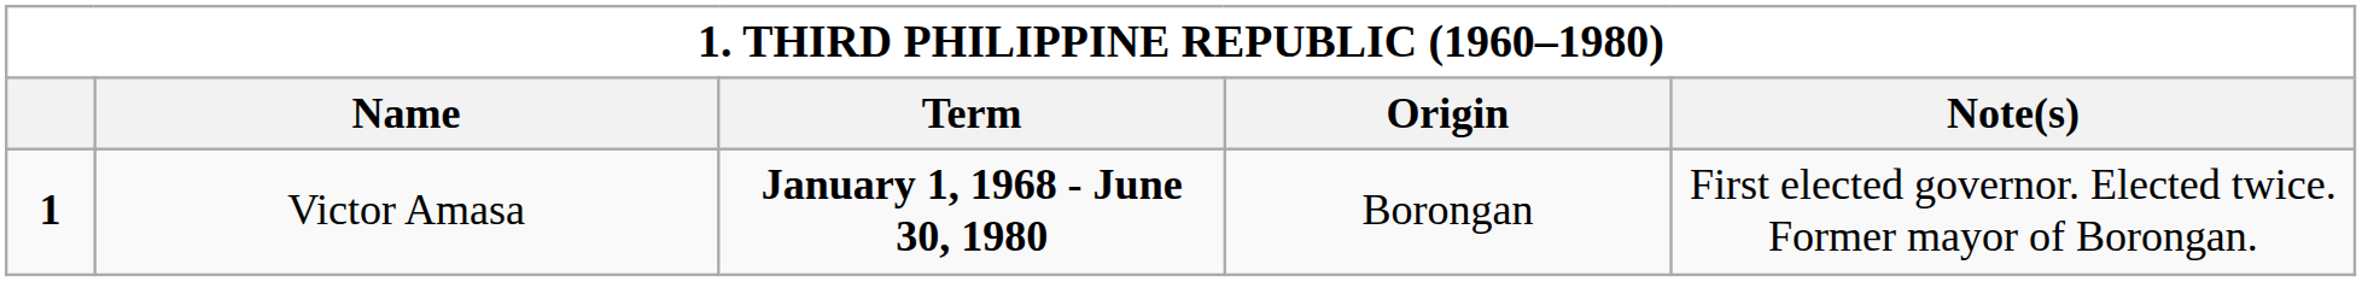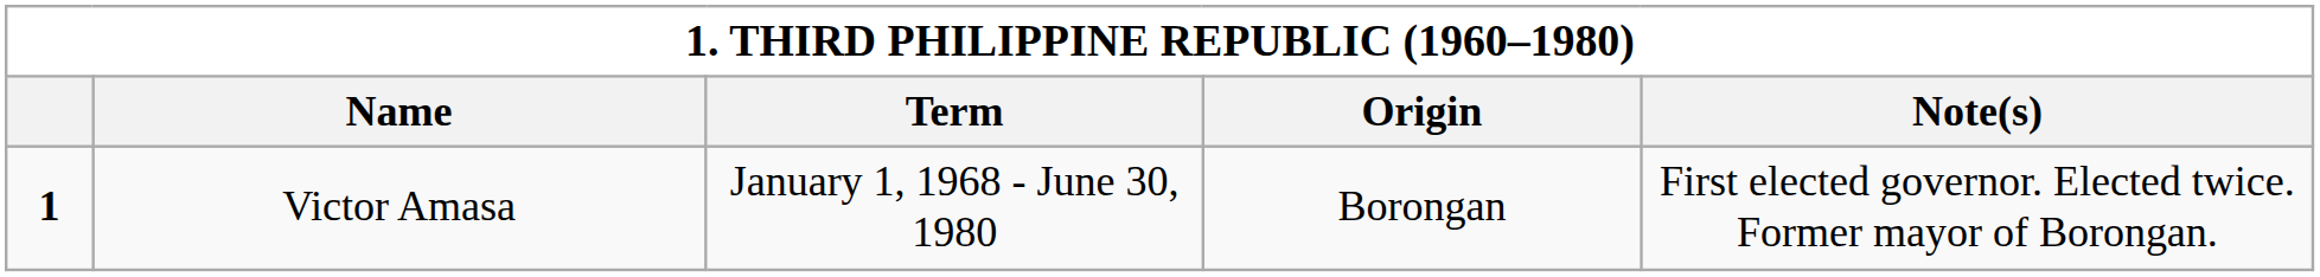 <table class="wikitable collapsible collapsed" style="vertical-align:top;text-align:center;font-size:95%;">
 <tr>
 <th style="background-color:white;font-size:105%;width:51em;" colspan=5>1. THIRD PHILIPPINE REPUBLIC (1960–1980)</th>
 </tr>
 <tr>
 <th style="width: 1em;text-align:center"></th>
 <th style="width: 10em;text-align:center">Name</th>
 <th style="width: 8em;text-align:center">Term</th>
 <th style="width: 7em;text-align:center">Origin</th>
 <th style="width: 11em;text-align:center">Note(s)</th>
 </tr>
 <tr>
 <td><strong>1</strong></td>
 <td>Victor Amasa</td>
-<td><strong>January 1, 1968 - June 30, 1980</strong></td>
+<td>January 1, 1968 - June 30, 1980</td>
 <td>Borongan</td>
 <td>First elected governor. Elected twice. Former mayor of Borongan.</td>
 </tr>
 </table>
